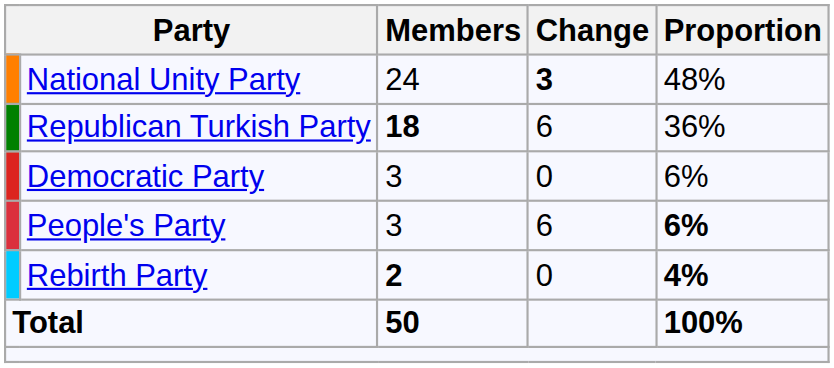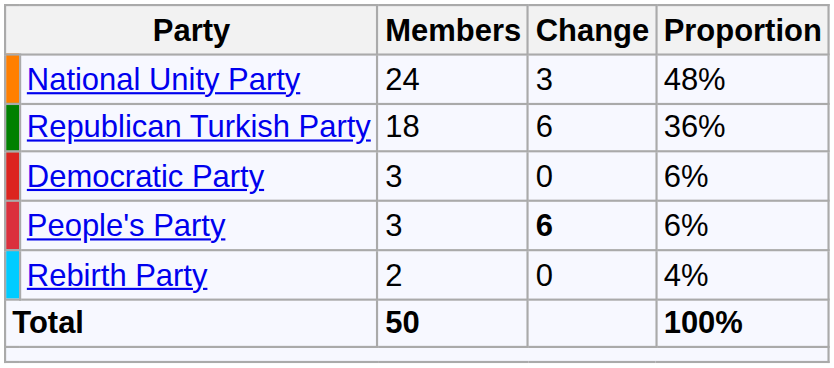 <table class=wikitable style="border:1px solid #8888aa; background-color:#f7f8ff; padding:0px; font-size:90%;">
 <tr>
 <th colspan="2">Party</th>
 <th>Members</th>
 <th>Change</th>
 <th>Proportion</th>
 </tr>
 <tr>
 <td style="background: #FF7F00"></td>
 <td><a href='#'>National Unity Party</a></td>
 <td>24</td>
-<td><strong> 3</strong></td>
+<td> 3</td>
 <td>48%</td>
 </tr>
 <tr>
 <td style="background: #008000"></td>
 <td><a href='#'>Republican Turkish Party</a></td>
-<td><strong>18</strong></td>
+<td>18</td>
 <td> 6</td>
 <td>36%</td>
 </tr>
 <tr>
 <td style="background: #DC241f"></td>
 <td><a href='#'>Democratic Party</a></td>
 <td>3</td>
 <td>0</td>
 <td>6%</td>
 </tr>
 <tr>
 <td style="background: #DB303D"></td>
 <td><a href='#'>People's Party</a></td>
 <td>3</td>
-<td> 6</td>
-<td><strong>6%</strong></td>
+<td><strong> 6</strong></td>
+<td>6%</td>
 </tr>
 <tr>
 <td style="background: #00CCFF"></td>
 <td><a href='#'>Rebirth Party</a></td>
-<td><strong>2</strong></td>
+<td>2</td>
 <td>0</td>
-<td><strong>4%</strong></td>
+<td>4%</td>
 </tr>
 <tr>
 <td colspan="2"><strong>Total</strong></td>
 <td><strong>50</strong></td>
 <td></td>
 <td><strong>100%</strong></td>
 </tr>
 <tr>
 <td colspan="7"></td>
 </tr>
 </table>
